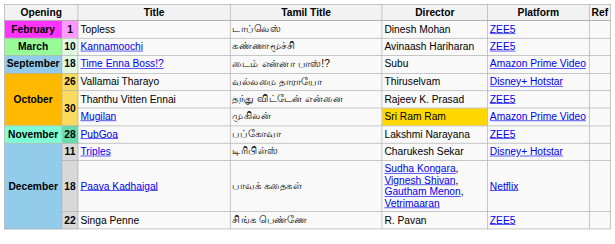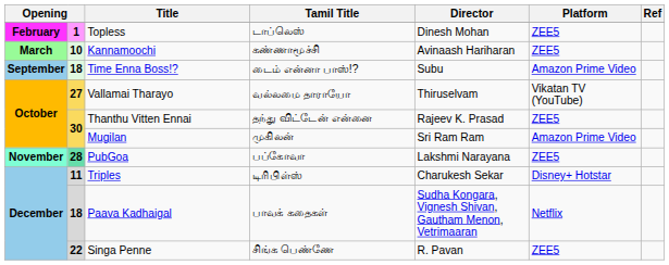 <table class="wikitable" width="75%">
 <tr>
 <th colspan="2">Opening</th>
 <th style="width:30%;">Title</th>
 <th style="width:30%;">Tamil Title</th>
 <th style="width:20%;">Director</th>
 <th style="width:20%;">Platform</th>
 <th>Ref</th>
 </tr>
 <tr>
 </tr>
 <tr>
 <td style="text-align:center; background:#f3f;"><strong>February</strong></td>
 <td style="text-align:center; background:#f9f;"><strong>1</strong></td>
 <td>Topless</td>
 <td>டாப்லெஸ்</td>
 <td>Dinesh Mohan</td>
 <td><a href='#'>ZEE5</a></td>
 <td></td>
 </tr>
 <tr>
 <td style="text-align:center; background:#98fb98; textcolor:#000;"><strong>March</strong></td>
 <td style="text-align:center; background:#e0f9e0;"><strong>10</strong></td>
 <td><a href='#'>Kannamoochi</a></td>
 <td>கண்ணாமூச்சி</td>
 <td>Avinaash Hariharan</td>
 <td><a href='#'>ZEE5</a></td>
 <td></td>
 </tr>
 <tr>
 <td style="text-align:center; background:#93ccea; textcolor:#000;"><strong>September</strong></td>
 <td style="text-align:center; background:#e0f9e0;"><strong>18</strong></td>
 <td><a href='#'>Time Enna Boss!?</a></td>
 <td>டைம் என்னா பாஸ்!?</td>
 <td>Subu</td>
 <td><a href='#'>Amazon Prime Video</a></td>
 <td></td>
 </tr>
 <tr>
 <td rowspan="3" style="text-align:center; background:#ffba00; textcolor:#000;"><strong>October</strong></td>
-<td style="text-align:center;background:#FADA5E;"><strong>26</strong></td>
+<td style="text-align:center;background:#FADA5E;"><strong>27</strong></td>
 <td>Vallamai Tharayo</td>
 <td>வல்லமை தாராயோ</td>
 <td>Thiruselvam</td>
-<td><a href='#'>Disney+ Hotstar</a></td>
+<td>Vikatan TV (YouTube)</td>
 <td></td>
 </tr>
 <tr>
 <td rowspan="2" style="text-align:center;background:#FADA5E;"><strong>30</strong></td>
 <td>Thanthu Vitten Ennai</td>
 <td>தந்து விட்டேன் என்னை</td>
 <td>Rajeev K. Prasad</td>
 <td><a href='#'>ZEE5</a></td>
 <td></td>
 </tr>
 <tr>
 <td><a href='#'>Mugilan</a></td>
 <td>முகிலன்</td>
-<td style="background: gold;">Sri Ram Ram</td>
+<td>Sri Ram Ram</td>
 <td><a href='#'>Amazon Prime Video</a></td>
 <td></td>
 </tr>
 <tr>
 <td style="text-align:center; background:#7fffd4; textcolor:#000;"><strong>November</strong></td>
 <td style="text-align:center; background:#6da;"><strong>28</strong></td>
 <td><a href='#'>PubGoa</a></td>
 <td>பப்கோவா</td>
 <td>Lakshmi Narayana</td>
 <td><a href='#'>ZEE5</a></td>
 <td></td>
 </tr>
 <tr>
 <td rowspan="3" style="text-align:center; background:#93CCEA;"><strong>December</strong></td>
 <td style="text-align:center; background:#6da; background:#d8d8d8;"><strong>11</strong></td>
 <td><a href='#'>Triples</a></td>
 <td>டிரிபிள்ஸ்</td>
 <td>Charukesh Sekar</td>
 <td><a href='#'>Disney+ Hotstar</a></td>
 <td></td>
 </tr>
 <tr>
 <td style="text-align:center; background:#6da; background:#d8d8d8;"><strong>18</strong></td>
 <td><a href='#'>Paava Kadhaigal</a></td>
 <td>பாவக் கதைகள்</td>
 <td><a href='#'>Sudha Kongara</a>, <a href='#'>Vignesh Shivan</a>, <a href='#'>Gautham Menon</a>, <a href='#'>Vetrimaaran</a></td>
 <td><a href='#'>Netflix</a></td>
 <td></td>
 </tr>
 <tr>
 <td style="text-align:center; background:#6da; background:#d8d8d8;"><strong>22</strong></td>
 <td>Singa Penne</td>
 <td>சிங்க பெண்ணே</td>
 <td>R. Pavan</td>
 <td><a href='#'>ZEE5</a></td>
 <td></td>
 </tr>
 </table>
